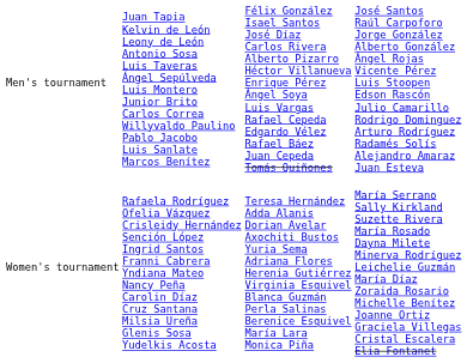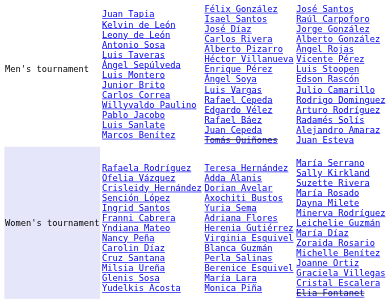 <table>
 <tr>
 <td>Men's tournament</td>
 <td><br><a href='#'>Juan Tapia</a><br><a href='#'>Kelvin de León</a><br><a href='#'>Leony de León</a><br><a href='#'>Antonio Sosa</a><br><a href='#'>Luis Taveras</a><br><a href='#'>Ángel Sepúlveda</a><br><a href='#'>Luis Montero</a><br><a href='#'>Junior Brito</a><br><a href='#'>Carlos Correa</a><br><a href='#'>Willyvaldo Paulino</a><br><a href='#'>Pablo Jacobo</a><br><a href='#'>Luis Sanlate</a><br><a href='#'>Marcos Benítez</a></td>
 <td><br><a href='#'>Félix González</a><br><a href='#'>Isael Santos</a><br><a href='#'>José Díaz</a><br><a href='#'>Carlos Rivera</a><br><a href='#'>Alberto Pizarro</a><br><a href='#'>Héctor Villanueva</a><br><a href='#'>Enrique Pérez</a><br><a href='#'>Ángel Soya</a><br><a href='#'>Luis Vargas</a><br><a href='#'>Rafael Cepeda</a><br><a href='#'>Edgardo Vélez</a><br><a href='#'>Rafael Báez</a><br><a href='#'>Juan Cepeda</a><br><s><a href='#'>Tomás Quiñones</a></s></td>
 <td><br><a href='#'>José Santos</a><br><a href='#'>Raúl Carpoforo</a><br><a href='#'>Jorge González</a><br><a href='#'>Alberto González</a><br><a href='#'>Ángel Rojas</a><br><a href='#'>Vicente Pérez</a><br><a href='#'>Luis Stoopen</a><br><a href='#'>Edson Rascón</a><br><a href='#'>Julio Camarillo</a><br><a href='#'>Rodrigo Dominguez</a><br><a href='#'>Arturo Rodríguez</a><br><a href='#'>Radamés Solís</a><br><a href='#'>Alejandro Amaraz</a><br><a href='#'>Juan Esteva</a></td>
 </tr>
 <tr>
-<td>Women's tournament</td>
+<td style="background: lavender;">Women's tournament</td>
 <td><br><a href='#'>Rafaela Rodríguez</a><br><a href='#'>Ofelia Vázquez</a><br><a href='#'>Crisleidy Hernández</a><br><a href='#'>Sención López</a><br><a href='#'>Ingrid Santos</a><br><a href='#'>Franni Cabrera</a><br><a href='#'>Yndiana Mateo</a><br><a href='#'>Nancy Peña</a><br><a href='#'>Carolin Díaz</a><br><a href='#'>Cruz Santana</a><br><a href='#'>Milsia Ureña</a><br><a href='#'>Glenis Sosa</a><br><a href='#'>Yudelkis Acosta</a></td>
 <td><br><a href='#'>Teresa Hernández</a><br><a href='#'>Adda Alanis</a><br><a href='#'>Dorian Avelar</a><br><a href='#'>Axochiti Bustos</a><br><a href='#'>Yuria Sema</a><br><a href='#'>Adriana Flores</a><br><a href='#'>Herenia Gutiérrez</a><br><a href='#'>Virginia Esquivel</a><br><a href='#'>Blanca Guzmán</a><br><a href='#'>Perla Salinas</a><br><a href='#'>Berenice Esquivel</a><br><a href='#'>María Lara</a><br><a href='#'>Monica Piña</a></td>
 <td><br><a href='#'>María Serrano</a><br><a href='#'>Sally Kirkland</a><br><a href='#'>Suzette Rivera</a><br><a href='#'>María Rosado</a><br><a href='#'>Dayna Milete</a><br><a href='#'>Minerva Rodríguez</a><br><a href='#'>Leichelie Guzmán</a><br><a href='#'>María Díaz</a><br><a href='#'>Zoraida Rosario</a><br><a href='#'>Michelle Benítez</a><br><a href='#'>Joanne Ortiz</a><br><a href='#'>Graciela Villegas</a><br><a href='#'>Cristal Escalera</a><br><s><a href='#'>Elia Fontanet</a></s></td>
 </tr>
 </table>
